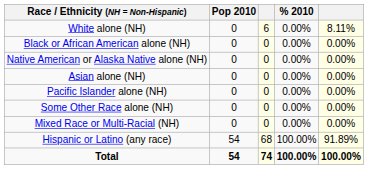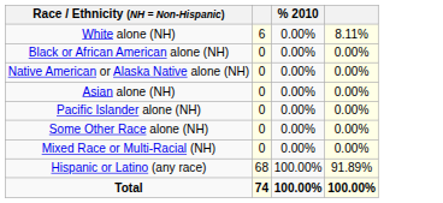 <table class="wikitable" style="text-align:center;">
 <tr>
 <th>Race / Ethnicity <small>(<em>NH = Non-Hispanic</em>)</small></th>
-<th>Pop 2010</th>
 <th></th>
 <th>% 2010</th>
 <th></th>
 </tr>
 <tr>
 <td><a href='#'>White</a> alone (NH)</td>
-<td>0</td>
 <td style='background: #ffffe6;'>6</td>
 <td>0.00%</td>
 <td style='background: #ffffe6;'>8.11%</td>
 </tr>
 <tr>
 <td><a href='#'>Black or African American</a> alone (NH)</td>
-<td>0</td>
 <td style='background: #ffffe6;'>0</td>
 <td>0.00%</td>
 <td style='background: #ffffe6;'>0.00%</td>
 </tr>
 <tr>
 <td><a href='#'>Native American</a> or <a href='#'>Alaska Native</a> alone (NH)</td>
-<td>0</td>
 <td style='background: #ffffe6;'>0</td>
 <td>0.00%</td>
 <td style='background: #ffffe6;'>0.00%</td>
 </tr>
 <tr>
 <td><a href='#'>Asian</a> alone (NH)</td>
-<td>0</td>
 <td style='background: #ffffe6;'>0</td>
 <td>0.00%</td>
 <td style='background: #ffffe6;'>0.00%</td>
 </tr>
 <tr>
 <td><a href='#'>Pacific Islander</a> alone (NH)</td>
-<td>0</td>
 <td style='background: #ffffe6;'>0</td>
 <td>0.00%</td>
 <td style='background: #ffffe6;'>0.00%</td>
 </tr>
 <tr>
 <td><a href='#'>Some Other Race</a> alone (NH)</td>
-<td>0</td>
 <td style='background: #ffffe6;'>0</td>
 <td>0.00%</td>
 <td style='background: #ffffe6;'>0.00%</td>
 </tr>
 <tr>
 <td><a href='#'>Mixed Race or Multi-Racial</a> (NH)</td>
-<td>0</td>
 <td style='background: #ffffe6;'>0</td>
 <td>0.00%</td>
 <td style='background: #ffffe6;'>0.00%</td>
 </tr>
 <tr>
 <td><a href='#'>Hispanic or Latino</a> (any race)</td>
-<td>54</td>
 <td style='background: #ffffe6;'>68</td>
 <td>100.00%</td>
 <td style='background: #ffffe6;'>91.89%</td>
 </tr>
 <tr>
 <td><strong>Total</strong></td>
-<td><strong>54</strong></td>
 <td style='background: #ffffe6;'><strong>74</strong></td>
 <td><strong>100.00%</strong></td>
 <td style='background: #ffffe6;'><strong>100.00%</strong></td>
 </tr>
 </table>
